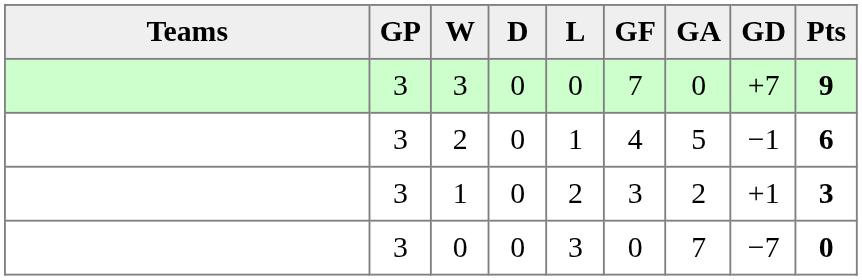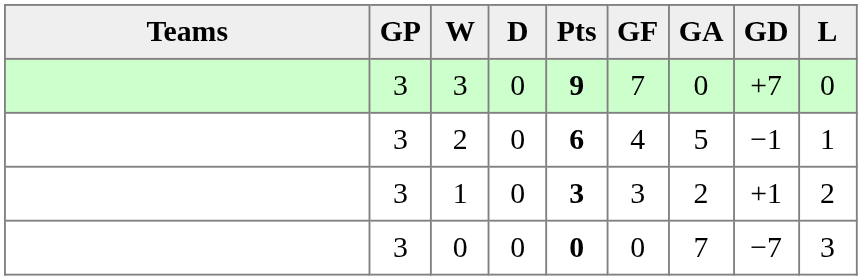 <table style=border-collapse:collapse border=1 cellspacing=0 cellpadding=5>
 <tr align=center bgcolor=#efefef>
 <th width=185>Teams</th>
 <th width=20>GP</th>
 <th width=20>W</th>
 <th width=20>D</th>
-<th width=20>L</th>
+<th width=20>Pts<br></th>
 <th width=20>GF</th>
 <th width=20>GA</th>
 <th width=20>GD</th>
-<th width=20>Pts<br></th>
+<th width=20>L</th>
 </tr>
 <tr align=center bgcolor=#ccffcc>
 <td style="text-align:left;"><strong></strong></td>
 <td>3</td>
 <td>3</td>
 <td>0</td>
-<td>0</td>
+<td><strong>9</strong></td>
 <td>7</td>
 <td>0</td>
 <td>+7</td>
-<td><strong>9</strong></td>
+<td>0</td>
 </tr>
 <tr align=center>
 <td style="text-align:left;"></td>
 <td>3</td>
 <td>2</td>
 <td>0</td>
-<td>1</td>
+<td><strong>6</strong></td>
 <td>4</td>
 <td>5</td>
 <td>−1</td>
-<td><strong>6</strong></td>
+<td>1</td>
 </tr>
 <tr align=center>
 <td style="text-align:left;"></td>
 <td>3</td>
 <td>1</td>
 <td>0</td>
-<td>2</td>
+<td><strong>3</strong></td>
 <td>3</td>
 <td>2</td>
 <td>+1</td>
-<td><strong>3</strong></td>
+<td>2</td>
 </tr>
 <tr align=center>
 <td style="text-align:left;"></td>
 <td>3</td>
 <td>0</td>
 <td>0</td>
-<td>3</td>
+<td><strong>0</strong></td>
 <td>0</td>
 <td>7</td>
 <td>−7</td>
-<td><strong>0</strong></td>
+<td>3</td>
 </tr>
 </table>
